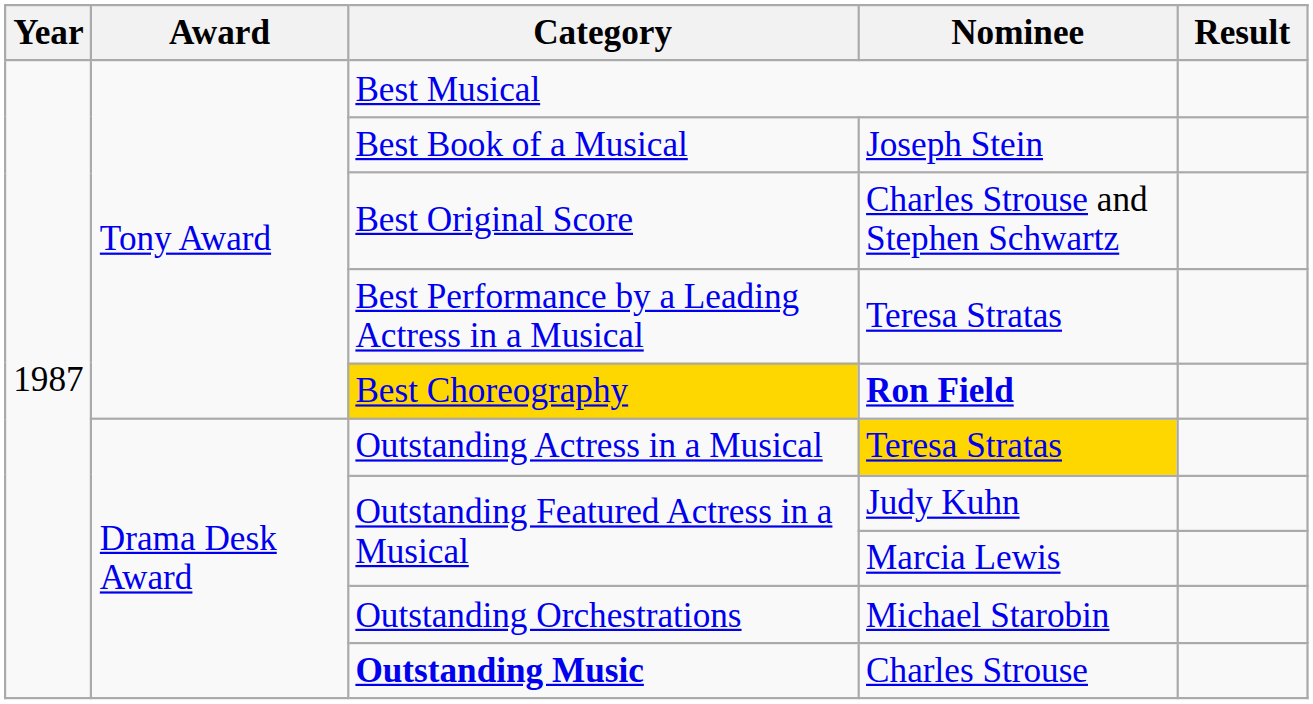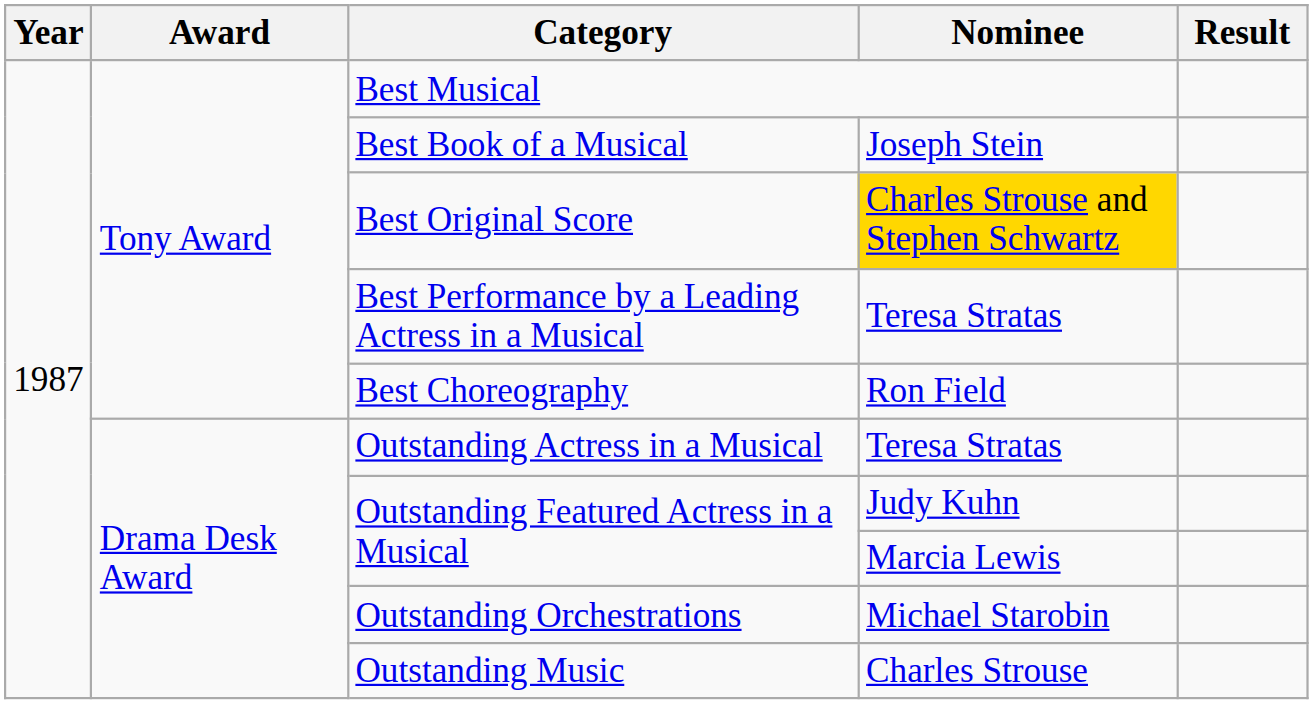 <table class="wikitable" width="95%">
 <tr>
 <th width="5%">Year</th>
 <th width="20%">Award</th>
 <th width="40%">Category</th>
 <th width="25%">Nominee</th>
 <th width="10%">Result</th>
 </tr>
 <tr>
 <td rowspan="10" align="center">1987</td>
 <td rowspan="5"><a href='#'>Tony Award</a></td>
 <td colspan="2"><a href='#'>Best Musical</a></td>
 <td></td>
 </tr>
 <tr>
 <td><a href='#'>Best Book of a Musical</a></td>
 <td><a href='#'>Joseph Stein</a></td>
 <td></td>
 </tr>
 <tr>
 <td><a href='#'>Best Original Score</a></td>
-<td><a href='#'>Charles Strouse</a> and <a href='#'>Stephen Schwartz</a></td>
+<td style="background: gold;"><a href='#'>Charles Strouse</a> and <a href='#'>Stephen Schwartz</a></td>
 <td></td>
 </tr>
 <tr>
 <td><a href='#'>Best Performance by a Leading Actress in a Musical</a></td>
 <td><a href='#'>Teresa Stratas</a></td>
 <td></td>
 </tr>
 <tr>
-<td style="background: gold;"><a href='#'>Best Choreography</a></td>
-<td><strong><a href='#'>Ron Field</a></strong></td>
+<td><a href='#'>Best Choreography</a></td>
+<td><a href='#'>Ron Field</a></td>
 <td></td>
 </tr>
 <tr>
 <td rowspan="5"><a href='#'>Drama Desk Award</a></td>
 <td><a href='#'>Outstanding Actress in a Musical</a></td>
-<td style="background: gold;"><a href='#'>Teresa Stratas</a></td>
+<td><a href='#'>Teresa Stratas</a></td>
 <td></td>
 </tr>
 <tr>
 <td rowspan="2"><a href='#'>Outstanding Featured Actress in a Musical</a></td>
 <td><a href='#'>Judy Kuhn</a></td>
 <td></td>
 </tr>
 <tr>
 <td><a href='#'>Marcia Lewis</a></td>
 <td></td>
 </tr>
 <tr>
 <td><a href='#'>Outstanding Orchestrations</a></td>
 <td><a href='#'>Michael Starobin</a></td>
 <td></td>
 </tr>
 <tr>
-<td><strong><a href='#'>Outstanding Music</a></strong></td>
+<td><a href='#'>Outstanding Music</a></td>
 <td><a href='#'>Charles Strouse</a></td>
 <td></td>
 </tr>
 </table>
